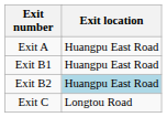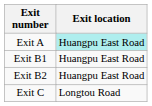 <table class="wikitable">
 <tr>
 <th colspan="2" style="width:70px">Exit number</th>
 <th>Exit location</th>
 </tr>
 <tr>
 <td colspan="2" align="center">Exit A</td>
-<td>Huangpu East Road</td>
+<td style="background: paleturquoise;">Huangpu East Road</td>
 </tr>
 <tr>
 <td colspan="2" align="center">Exit B1</td>
 <td>Huangpu East Road</td>
 </tr>
 <tr>
 <td colspan="2" align="center">Exit B2</td>
-<td style="background: lightblue;">Huangpu East Road</td>
+<td>Huangpu East Road</td>
 </tr>
 <tr>
 <td colspan="2" align="center">Exit C</td>
 <td>Longtou Road</td>
 </tr>
 </table>
